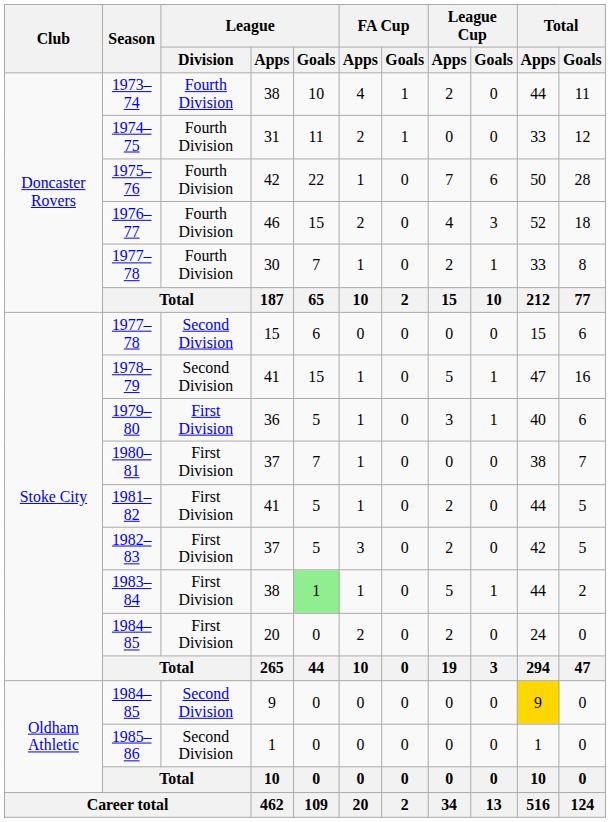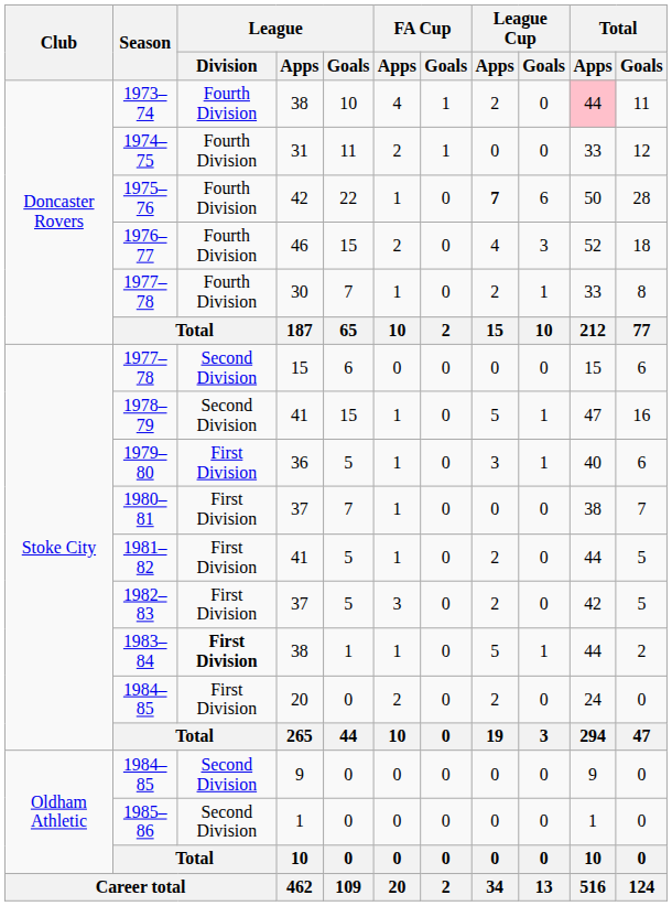 <table class="wikitable" style="text-align:center">
 <tr>
 <th rowspan="2">Club</th>
 <th rowspan="2">Season</th>
 <th colspan="3">League</th>
 <th colspan="2">FA Cup</th>
 <th colspan="2">League Cup</th>
 <th colspan="2">Total</th>
 </tr>
 <tr>
 <th>Division</th>
 <th>Apps</th>
 <th>Goals</th>
 <th>Apps</th>
 <th>Goals</th>
 <th>Apps</th>
 <th>Goals</th>
 <th>Apps</th>
 <th>Goals</th>
 </tr>
 <tr>
 <td rowspan="6"><a href='#'>Doncaster Rovers</a></td>
 <td><a href='#'>1973–74</a></td>
 <td><a href='#'>Fourth Division</a></td>
 <td>38</td>
 <td>10</td>
 <td>4</td>
 <td>1</td>
 <td>2</td>
 <td>0</td>
-<td>44</td>
+<td style="background: pink;">44</td>
 <td>11</td>
 </tr>
 <tr>
 <td><a href='#'>1974–75</a></td>
 <td>Fourth Division</td>
 <td>31</td>
 <td>11</td>
 <td>2</td>
 <td>1</td>
 <td>0</td>
 <td>0</td>
 <td>33</td>
 <td>12</td>
 </tr>
 <tr>
 <td><a href='#'>1975–76</a></td>
 <td>Fourth Division</td>
 <td>42</td>
 <td>22</td>
 <td>1</td>
 <td>0</td>
-<td>7</td>
+<td><strong>7</strong></td>
 <td>6</td>
 <td>50</td>
 <td>28</td>
 </tr>
 <tr>
 <td><a href='#'>1976–77</a></td>
 <td>Fourth Division</td>
 <td>46</td>
 <td>15</td>
 <td>2</td>
 <td>0</td>
 <td>4</td>
 <td>3</td>
 <td>52</td>
 <td>18</td>
 </tr>
 <tr>
 <td><a href='#'>1977–78</a></td>
 <td>Fourth Division</td>
 <td>30</td>
 <td>7</td>
 <td>1</td>
 <td>0</td>
 <td>2</td>
 <td>1</td>
 <td>33</td>
 <td>8</td>
 </tr>
 <tr>
 <th colspan="2">Total</th>
 <th>187</th>
 <th>65</th>
 <th>10</th>
 <th>2</th>
 <th>15</th>
 <th>10</th>
 <th>212</th>
 <th>77</th>
 </tr>
 <tr>
 <td rowspan="9"><a href='#'>Stoke City</a></td>
 <td><a href='#'>1977–78</a></td>
 <td><a href='#'>Second Division</a></td>
 <td>15</td>
 <td>6</td>
 <td>0</td>
 <td>0</td>
 <td>0</td>
 <td>0</td>
 <td>15</td>
 <td>6</td>
 </tr>
 <tr>
 <td><a href='#'>1978–79</a></td>
 <td>Second Division</td>
 <td>41</td>
 <td>15</td>
 <td>1</td>
 <td>0</td>
 <td>5</td>
 <td>1</td>
 <td>47</td>
 <td>16</td>
 </tr>
 <tr>
 <td><a href='#'>1979–80</a></td>
 <td><a href='#'>First Division</a></td>
 <td>36</td>
 <td>5</td>
 <td>1</td>
 <td>0</td>
 <td>3</td>
 <td>1</td>
 <td>40</td>
 <td>6</td>
 </tr>
 <tr>
 <td><a href='#'>1980–81</a></td>
 <td>First Division</td>
 <td>37</td>
 <td>7</td>
 <td>1</td>
 <td>0</td>
 <td>0</td>
 <td>0</td>
 <td>38</td>
 <td>7</td>
 </tr>
 <tr>
 <td><a href='#'>1981–82</a></td>
 <td>First Division</td>
 <td>41</td>
 <td>5</td>
 <td>1</td>
 <td>0</td>
 <td>2</td>
 <td>0</td>
 <td>44</td>
 <td>5</td>
 </tr>
 <tr>
 <td><a href='#'>1982–83</a></td>
 <td>First Division</td>
 <td>37</td>
 <td>5</td>
 <td>3</td>
 <td>0</td>
 <td>2</td>
 <td>0</td>
 <td>42</td>
 <td>5</td>
 </tr>
 <tr>
 <td><a href='#'>1983–84</a></td>
-<td>First Division</td>
+<td><strong>First Division</strong></td>
 <td>38</td>
-<td style="background: lightgreen;">1</td>
+<td>1</td>
 <td>1</td>
 <td>0</td>
 <td>5</td>
 <td>1</td>
 <td>44</td>
 <td>2</td>
 </tr>
 <tr>
 <td><a href='#'>1984–85</a></td>
 <td>First Division</td>
 <td>20</td>
 <td>0</td>
 <td>2</td>
 <td>0</td>
 <td>2</td>
 <td>0</td>
 <td>24</td>
 <td>0</td>
 </tr>
 <tr>
 <th colspan="2">Total</th>
 <th>265</th>
 <th>44</th>
 <th>10</th>
 <th>0</th>
 <th>19</th>
 <th>3</th>
 <th>294</th>
 <th>47</th>
 </tr>
 <tr>
 <td rowspan="3"><a href='#'>Oldham Athletic</a></td>
 <td><a href='#'>1984–85</a></td>
 <td><a href='#'>Second Division</a></td>
 <td>9</td>
 <td>0</td>
 <td>0</td>
 <td>0</td>
 <td>0</td>
 <td>0</td>
-<td style="background: gold;">9</td>
+<td>9</td>
 <td>0</td>
 </tr>
 <tr>
 <td><a href='#'>1985–86</a></td>
 <td>Second Division</td>
 <td>1</td>
 <td>0</td>
 <td>0</td>
 <td>0</td>
 <td>0</td>
 <td>0</td>
 <td>1</td>
 <td>0</td>
 </tr>
 <tr>
 <th colspan="2">Total</th>
 <th>10</th>
 <th>0</th>
 <th>0</th>
 <th>0</th>
 <th>0</th>
 <th>0</th>
 <th>10</th>
 <th>0</th>
 </tr>
 <tr>
 <th colspan="3">Career total</th>
 <th>462</th>
 <th>109</th>
 <th>20</th>
 <th>2</th>
 <th>34</th>
 <th>13</th>
 <th>516</th>
 <th>124</th>
 </tr>
 </table>
